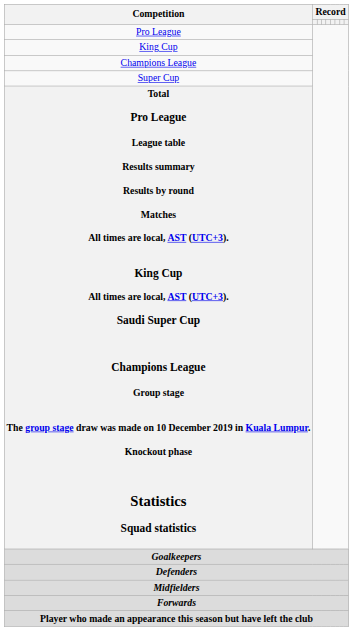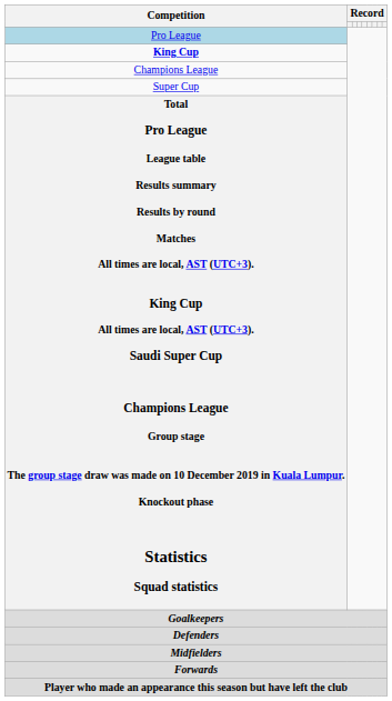 <table class="wikitable" style="text-align: center">
 <tr>
 <th rowspan=2>Competition</th>
 <th colspan=8>Record</th>
 </tr>
 <tr>
 <th></th>
 <th></th>
 <th></th>
 <th></th>
 <th></th>
 <th></th>
 <th></th>
 <th></th>
 </tr>
 <tr>
-<td><a href='#'>Pro League</a><br></td>
+<td style="background: lightblue;"><a href='#'>Pro League</a><br></td>
 </tr>
 <tr>
-<td><a href='#'>King Cup</a><br></td>
+<td><strong><a href='#'>King Cup</a><br></strong></td>
 </tr>
 <tr>
 <td><a href='#'>Champions League</a><br></td>
 </tr>
 <tr>
 <td><a href='#'>Super Cup</a><br></td>
 </tr>
 <tr>
 <th>Total<br> <h3>Pro League</h3><h4>League table</h4><h4>Results summary</h4> <h4>Results by round</h4><h4>Matches</h4>All times are local, <a href='#'>AST</a> (<a href='#'>UTC+3</a>).<br>   <br>                              <h3>King Cup</h3> All times are local, <a href='#'>AST</a> (<a href='#'>UTC+3</a>).<br>  <h3>Saudi Super Cup</h3><br><h3>Champions League</h3><h4>Group stage</h4><br>The <a href='#'>group stage</a> draw was made on 10 December 2019 in <a href='#'>Kuala Lumpur</a>. <br>      <h4>Knockout phase</h4><br><h2>Statistics</h2><h3>Squad statistics</h3></th>
 </tr>
 <tr>
 <th colspan=18 style=background:#dcdcdc; text-align:center><em>Goalkeepers</em><br>   </th>
 </tr>
 <tr>
 <th colspan=18 style=background:#dcdcdc; text-align:center><em>Defenders</em><br>          </th>
 </tr>
 <tr>
 <th colspan=18 style=background:#dcdcdc; text-align:center><em>Midfielders</em><br>                 </th>
 </tr>
 <tr>
 <th colspan=18 style=background:#dcdcdc; text-align:center><em>Forwards</em><br>    </th>
 </tr>
 <tr>
 <th colspan=18 style=background:#dcdcdc; text-align:center>Player who made an appearance this season but have left the club<br>  </th>
 </tr>
 </table>
